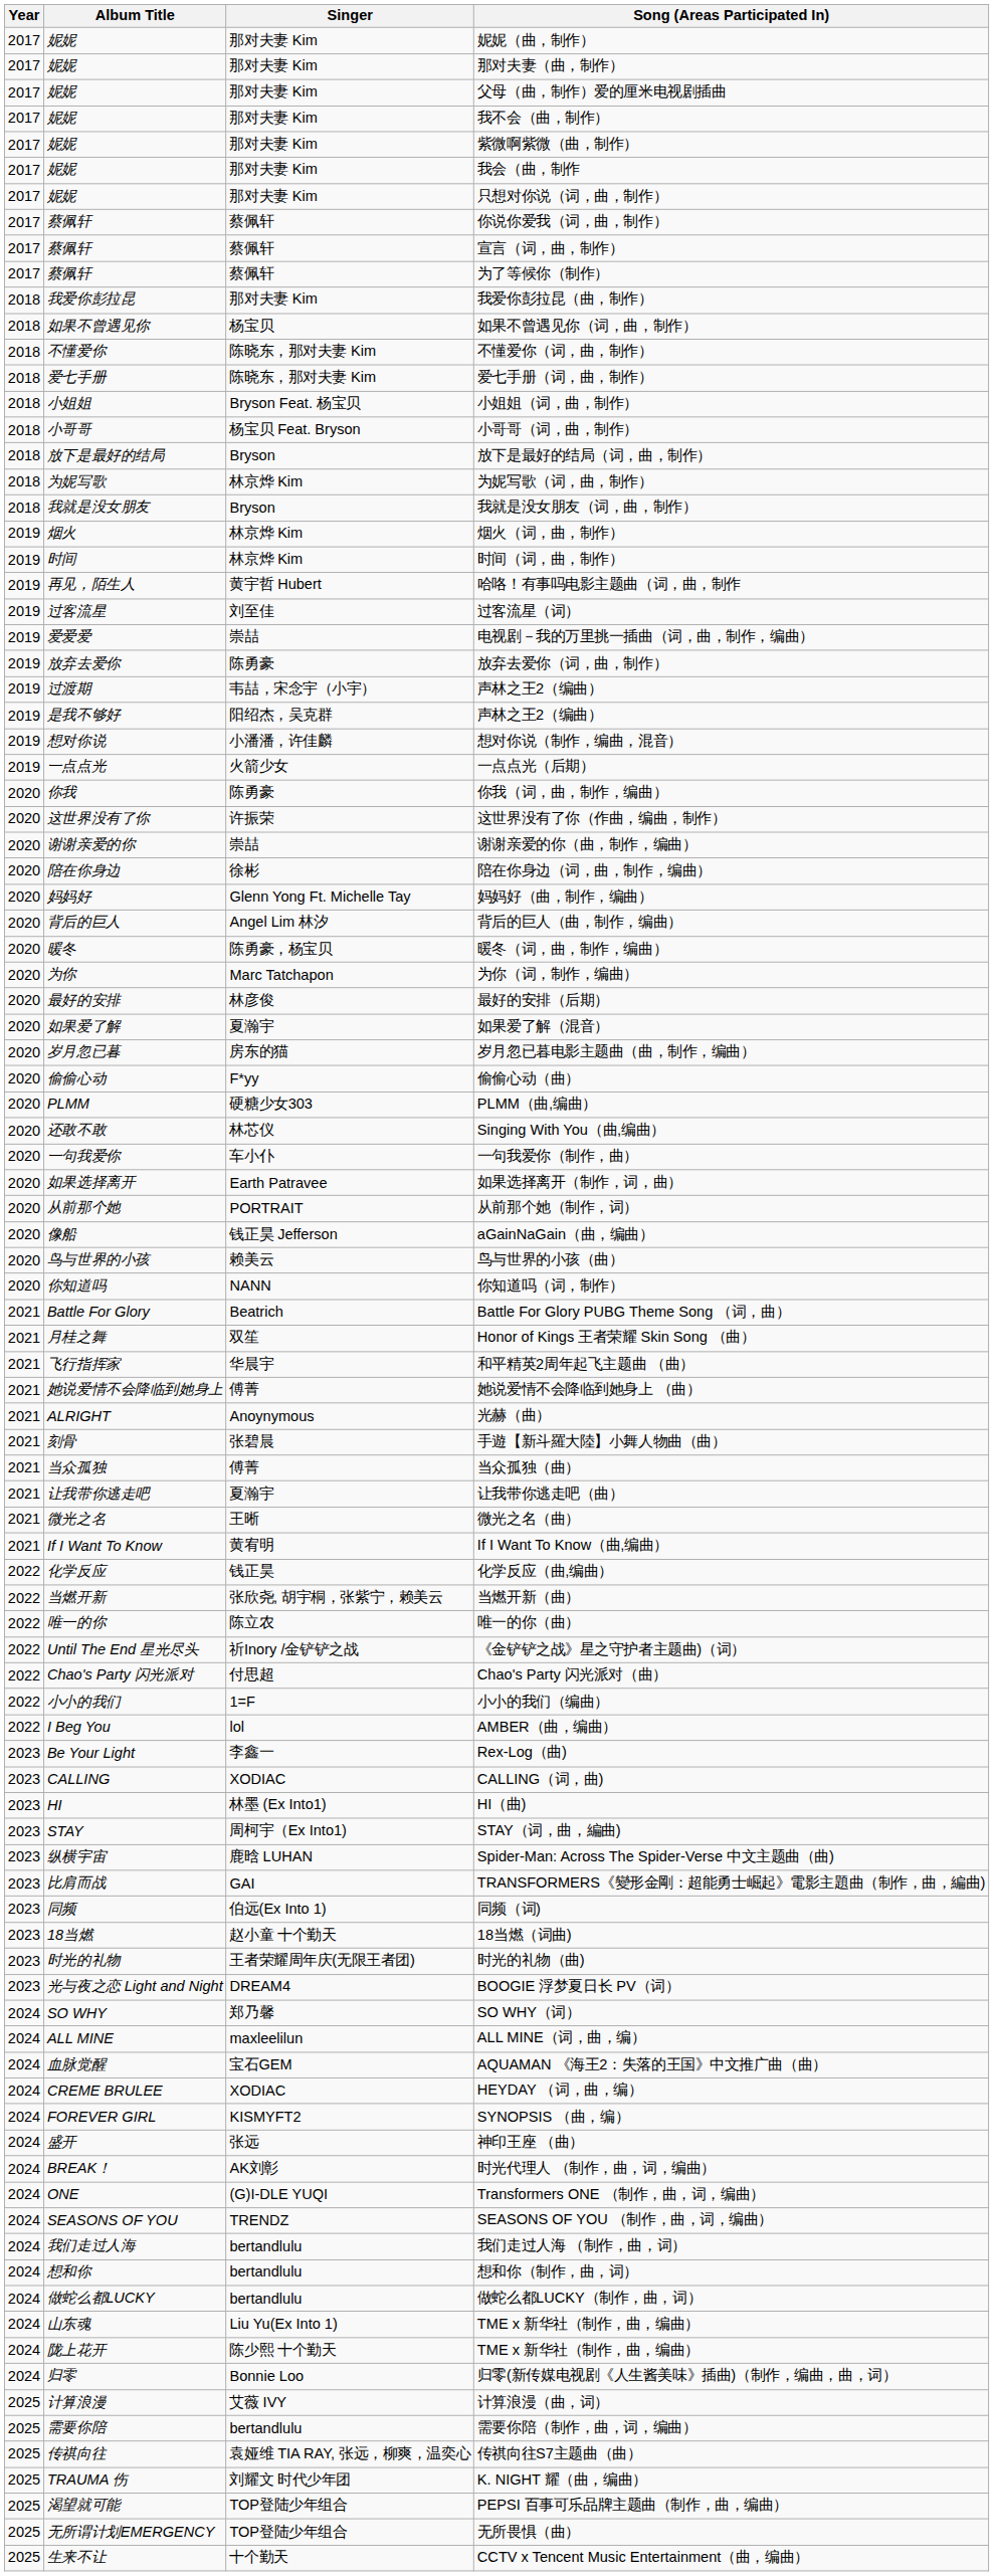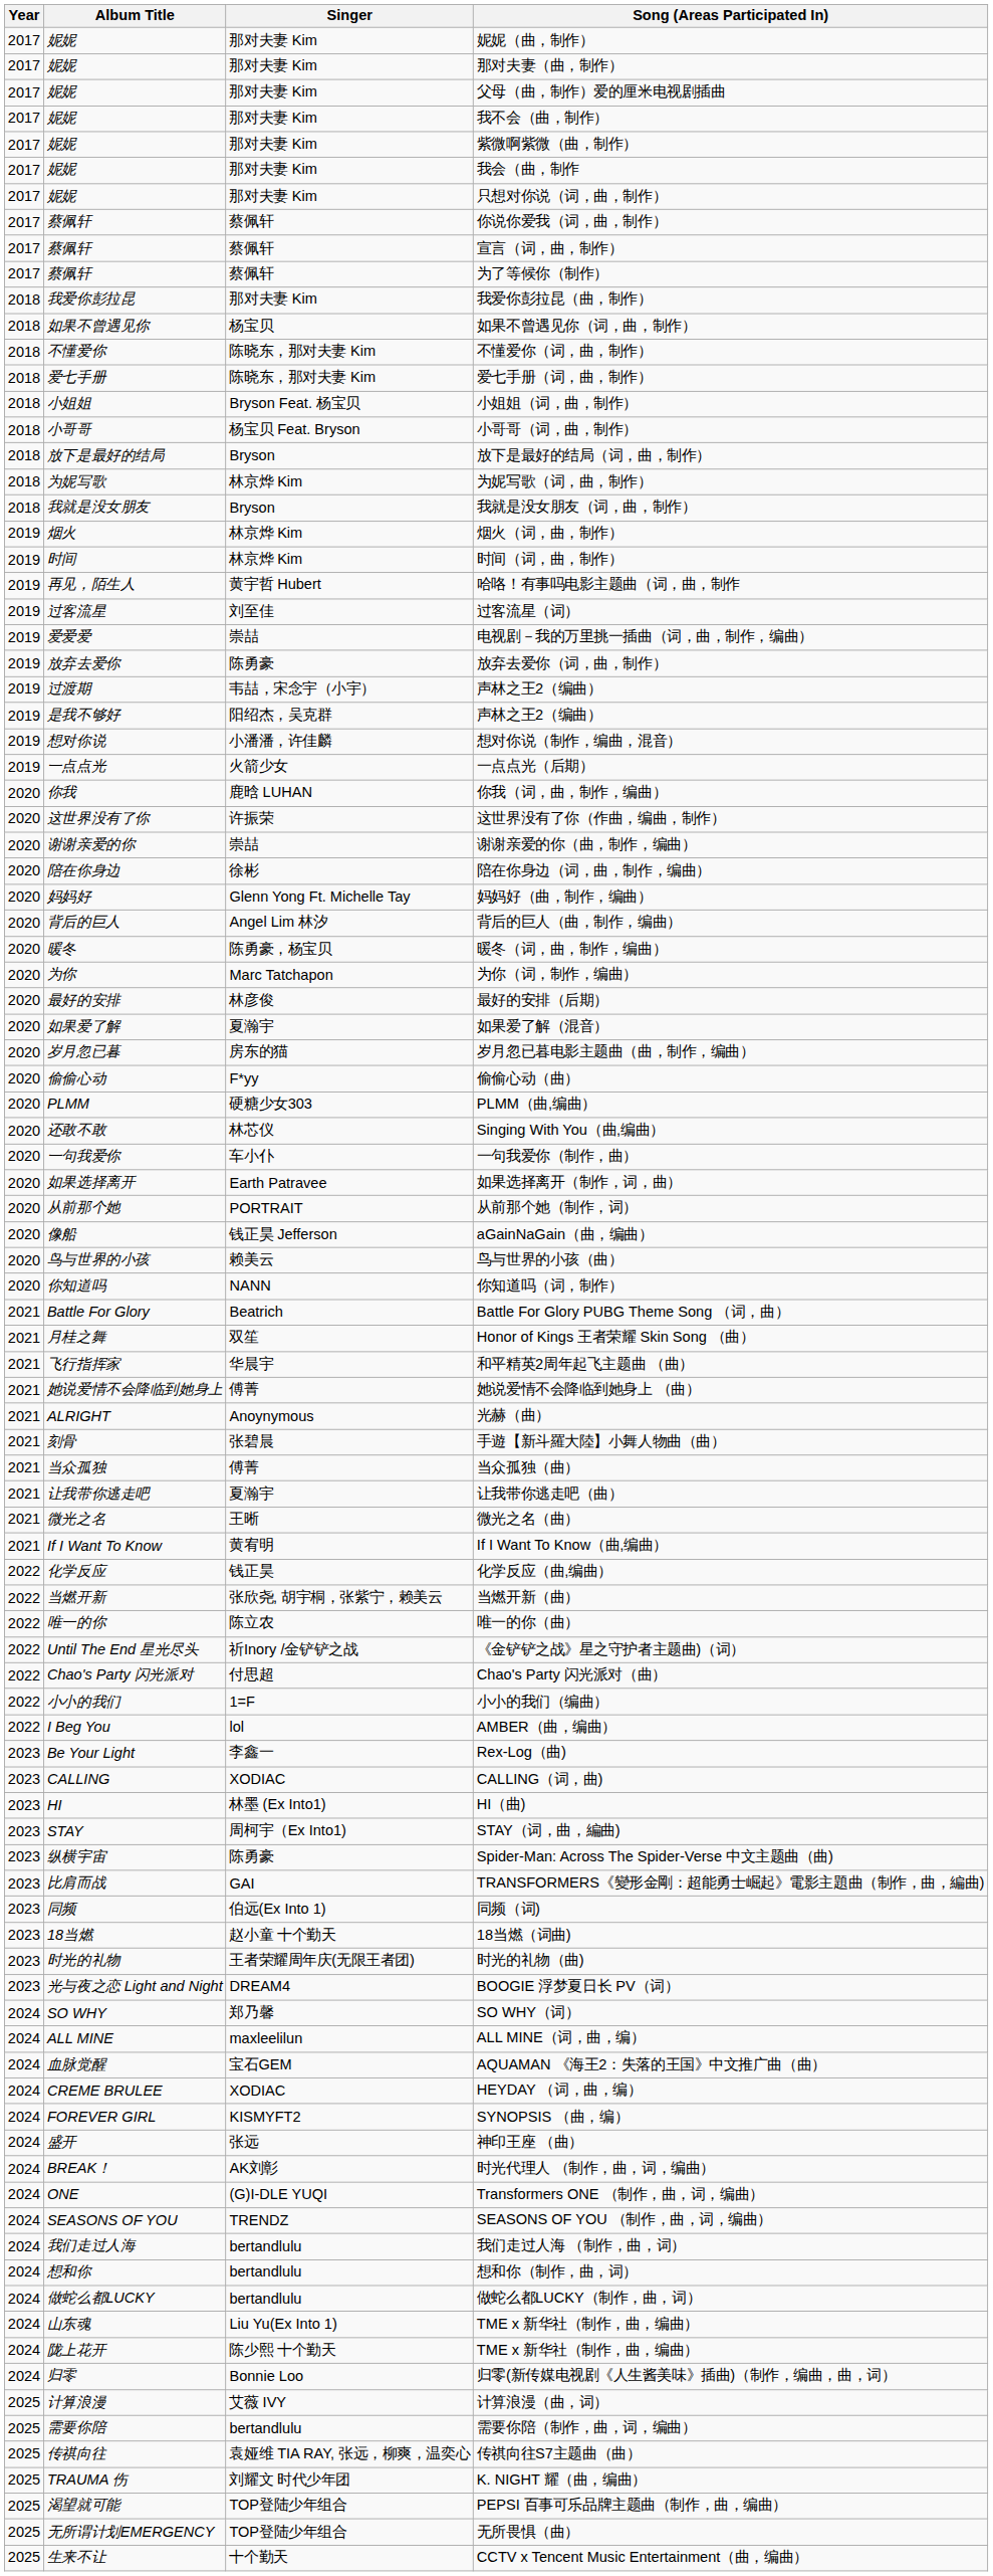 <table class="wikitable">
 <tr>
 <th>Year</th>
 <th>Album Title</th>
 <th>Singer</th>
 <th>Song (Areas Participated In)</th>
 </tr>
 <tr>
 <td>2017</td>
 <td><em>妮妮</em></td>
 <td>那对夫妻 Kim</td>
 <td>妮妮（曲，制作）</td>
 </tr>
 <tr>
 <td>2017</td>
 <td><em>妮妮</em></td>
 <td>那对夫妻 Kim</td>
 <td>那对夫妻（曲，制作）</td>
 </tr>
 <tr>
 <td>2017</td>
 <td><em>妮妮</em></td>
 <td>那对夫妻 Kim</td>
 <td>父母（曲，制作）爱的厘米电视剧插曲</td>
 </tr>
 <tr>
 <td>2017</td>
 <td><em>妮妮</em></td>
 <td>那对夫妻 Kim</td>
 <td>我不会（曲，制作）</td>
 </tr>
 <tr>
 <td>2017</td>
 <td><em>妮妮</em></td>
 <td>那对夫妻 Kim</td>
 <td>紫微啊紫微（曲，制作）</td>
 </tr>
 <tr>
 <td>2017</td>
 <td><em>妮妮</em></td>
 <td>那对夫妻 Kim</td>
 <td>我会（曲，制作</td>
 </tr>
 <tr>
 <td>2017</td>
 <td><em>妮妮</em></td>
 <td>那对夫妻 Kim</td>
 <td>只想对你说（词，曲，制作）</td>
 </tr>
 <tr>
 <td>2017</td>
 <td><em>蔡佩轩</em></td>
 <td>蔡佩轩</td>
 <td>你说你爱我（词，曲，制作）</td>
 </tr>
 <tr>
 <td>2017</td>
 <td><em>蔡佩轩</em></td>
 <td>蔡佩轩</td>
 <td>宣言（词，曲，制作）</td>
 </tr>
 <tr>
 <td>2017</td>
 <td><em>蔡佩轩</em></td>
 <td>蔡佩轩</td>
 <td>为了等候你（制作）</td>
 </tr>
 <tr>
 <td>2018</td>
 <td><em>我爱你彭拉昆</em></td>
 <td>那对夫妻 Kim</td>
 <td>我爱你彭拉昆（曲，制作）</td>
 </tr>
 <tr>
 <td>2018</td>
 <td><em>如果不曾遇见你</em></td>
 <td>杨宝贝</td>
 <td>如果不曾遇见你（词，曲，制作）</td>
 </tr>
 <tr>
 <td>2018</td>
 <td><em>不懂爱你</em></td>
 <td>陈晓东，那对夫妻 Kim</td>
 <td>不懂爱你（词，曲，制作）</td>
 </tr>
 <tr>
 <td>2018</td>
 <td><em>爱七手册</em></td>
 <td>陈晓东，那对夫妻 Kim</td>
 <td>爱七手册（词，曲，制作）</td>
 </tr>
 <tr>
 <td>2018</td>
 <td><em>小姐姐</em></td>
 <td>Bryson Feat. 杨宝贝</td>
 <td>小姐姐（词，曲，制作）</td>
 </tr>
 <tr>
 <td>2018</td>
 <td><em>小哥哥</em></td>
 <td>杨宝贝 Feat. Bryson</td>
 <td>小哥哥（词，曲，制作）</td>
 </tr>
 <tr>
 <td>2018</td>
 <td><em>放下是最好的结局</em></td>
 <td>Bryson</td>
 <td>放下是最好的结局（词，曲，制作）</td>
 </tr>
 <tr>
 <td>2018</td>
 <td><em>为妮写歌</em></td>
 <td>林京烨 Kim</td>
 <td>为妮写歌（词，曲，制作）</td>
 </tr>
 <tr>
 <td>2018</td>
 <td><em>我就是没女朋友</em></td>
 <td>Bryson</td>
 <td>我就是没女朋友（词，曲，制作）</td>
 </tr>
 <tr>
 <td>2019</td>
 <td><em>烟火</em></td>
 <td>林京烨 Kim</td>
 <td>烟火（词，曲，制作）</td>
 </tr>
 <tr>
 <td>2019</td>
 <td><em>时间</em></td>
 <td>林京烨 Kim</td>
 <td>时间（词，曲，制作）</td>
 </tr>
 <tr>
 <td>2019</td>
 <td><em>再见，陌生人</em></td>
 <td>黄宇哲 Hubert</td>
 <td>哈咯！有事吗电影主题曲（词，曲，制作</td>
 </tr>
 <tr>
 <td>2019</td>
 <td><em>过客流星</em></td>
 <td>刘至佳</td>
 <td>过客流星（词）</td>
 </tr>
 <tr>
 <td>2019</td>
 <td><em>爱爱爱</em></td>
 <td>崇喆</td>
 <td>电视剧－我的万里挑一插曲（词，曲，制作，编曲）</td>
 </tr>
 <tr>
 <td>2019</td>
 <td><em>放弃去爱你</em></td>
 <td>陈勇豪</td>
 <td>放弃去爱你（词，曲，制作）</td>
 </tr>
 <tr>
 <td>2019</td>
 <td><em>过渡期</em></td>
 <td>韦喆，宋念宇（小宇）</td>
 <td>声林之王2（编曲）</td>
 </tr>
 <tr>
 <td>2019</td>
 <td><em>是我不够好</em></td>
 <td>阳绍杰，吴克群</td>
 <td>声林之王2（编曲）</td>
 </tr>
 <tr>
 <td>2019</td>
 <td><em>想对你说</em></td>
 <td>小潘潘，许佳麟</td>
 <td>想对你说（制作，编曲，混音）</td>
 </tr>
 <tr>
 <td>2019</td>
 <td><em>一点点光</em></td>
 <td>火箭少女</td>
 <td>一点点光（后期）</td>
 </tr>
 <tr>
 <td>2020</td>
 <td><em>你我</em></td>
-<td>陈勇豪</td>
+<td>鹿晗 LUHAN</td>
 <td>你我（词，曲，制作，编曲）</td>
 </tr>
 <tr>
 <td>2020</td>
 <td><em>这世界没有了你</em></td>
 <td>许振荣</td>
 <td>这世界没有了你（作曲，编曲，制作）</td>
 </tr>
 <tr>
 <td>2020</td>
 <td><em>谢谢亲爱的你</em></td>
 <td>崇喆</td>
 <td>谢谢亲爱的你（曲，制作，编曲）</td>
 </tr>
 <tr>
 <td>2020</td>
 <td><em>陪在你身边</em></td>
 <td>徐彬</td>
 <td>陪在你身边（词，曲，制作，编曲）</td>
 </tr>
 <tr>
 <td>2020</td>
 <td><em>妈妈好</em></td>
 <td>Glenn Yong Ft. Michelle Tay</td>
 <td>妈妈好（曲，制作，编曲）</td>
 </tr>
 <tr>
 <td>2020</td>
 <td><em>背后的巨人</em></td>
 <td>Angel Lim 林汐</td>
 <td>背后的巨人（曲，制作，编曲）</td>
 </tr>
 <tr>
 <td>2020</td>
 <td><em>暖冬</em></td>
 <td>陈勇豪，杨宝贝</td>
 <td>暖冬（词，曲，制作，编曲）</td>
 </tr>
 <tr>
 <td>2020</td>
 <td><em>为你</em></td>
 <td>Marc Tatchapon</td>
 <td>为你（词，制作，编曲）</td>
 </tr>
 <tr>
 <td>2020</td>
 <td><em>最好的安排</em></td>
 <td>林彦俊</td>
 <td>最好的安排（后期）</td>
 </tr>
 <tr>
 <td>2020</td>
 <td><em>如果爱了解</em></td>
 <td>夏瀚宇</td>
 <td>如果爱了解（混音）</td>
 </tr>
 <tr>
 <td>2020</td>
 <td><em>岁月忽已暮</em></td>
 <td>房东的猫</td>
 <td>岁月忽已暮电影主题曲（曲，制作，编曲）</td>
 </tr>
 <tr>
 <td>2020</td>
 <td><em>偷偷心动</em></td>
 <td>F*yy</td>
 <td>偷偷心动（曲）</td>
 </tr>
 <tr>
 <td>2020</td>
 <td><em>PLMM</em></td>
 <td>硬糖少女303</td>
 <td>PLMM（曲,编曲）</td>
 </tr>
 <tr>
 <td>2020</td>
 <td><em>还敢不敢</em></td>
 <td>林芯仪</td>
 <td>Singing With You（曲,编曲）</td>
 </tr>
 <tr>
 <td>2020</td>
 <td><em>一句我爱你</em></td>
 <td>车小仆</td>
 <td>一句我爱你（制作，曲）</td>
 </tr>
 <tr>
 <td>2020</td>
 <td><em>如果选择离开</em></td>
 <td>Earth Patravee</td>
 <td>如果选择离开（制作，词，曲）</td>
 </tr>
 <tr>
 <td>2020</td>
 <td><em>从前那个她</em></td>
 <td>PORTRAIT</td>
 <td>从前那个她（制作，词）</td>
 </tr>
 <tr>
 <td>2020</td>
 <td><em>像船</em></td>
 <td>钱正昊 Jefferson</td>
 <td>aGainNaGain（曲，编曲）</td>
 </tr>
 <tr>
 <td>2020</td>
 <td><em>鸟与世界的小孩</em></td>
 <td>赖美云</td>
 <td>鸟与世界的小孩（曲）</td>
 </tr>
 <tr>
 <td>2020</td>
 <td><em>你知道吗</em></td>
 <td>NANN</td>
 <td>你知道吗（词，制作）</td>
 </tr>
 <tr>
 <td>2021</td>
 <td><em>Battle For Glory</em></td>
 <td>Beatrich</td>
 <td>Battle For Glory PUBG Theme Song （词，曲）</td>
 </tr>
 <tr>
 <td>2021</td>
 <td><em>月桂之舞</em></td>
 <td>双笙</td>
 <td>Honor of Kings 王者荣耀 Skin Song （曲）</td>
 </tr>
 <tr>
 <td>2021</td>
 <td><em>飞行指挥家</em></td>
 <td>华晨宇</td>
 <td>和平精英2周年起飞主题曲 （曲）</td>
 </tr>
 <tr>
 <td>2021</td>
 <td><em>她说爱情不会降临到她身上</em></td>
 <td>傅菁</td>
 <td>她说爱情不会降临到她身上 （曲）</td>
 </tr>
 <tr>
 <td>2021</td>
 <td><em>ALRIGHT</em></td>
 <td>Anoynymous</td>
 <td>光赫（曲）</td>
 </tr>
 <tr>
 <td>2021</td>
 <td><em>刻骨</em></td>
 <td>张碧晨</td>
 <td>手遊【新斗羅大陸】小舞人物曲（曲）</td>
 </tr>
 <tr>
 <td>2021</td>
 <td><em>当众孤独</em></td>
 <td>傅菁</td>
 <td>当众孤独（曲）</td>
 </tr>
 <tr>
 <td>2021</td>
 <td><em>让我带你逃走吧</em></td>
 <td>夏瀚宇</td>
 <td>让我带你逃走吧（曲）</td>
 </tr>
 <tr>
 <td>2021</td>
 <td><em>微光之名</em></td>
 <td>王晰</td>
 <td>微光之名（曲）</td>
 </tr>
 <tr>
 <td>2021</td>
 <td><em>If I Want To Know</em></td>
 <td>黄宥明</td>
 <td>If I Want To Know（曲,编曲）</td>
 </tr>
 <tr>
 <td>2022</td>
 <td><em>化学反应</em></td>
 <td>钱正昊</td>
 <td>化学反应（曲,编曲）</td>
 </tr>
 <tr>
 <td>2022</td>
 <td><em>当燃开新</em></td>
 <td>张欣尧, 胡宇桐，张紫宁，赖美云</td>
 <td>当燃开新（曲）</td>
 </tr>
 <tr>
 <td>2022</td>
 <td><em>唯一的你</em></td>
 <td>陈立农</td>
 <td>唯一的你（曲）</td>
 </tr>
 <tr>
 <td>2022</td>
 <td><em>Until The End 星光尽头</em></td>
 <td>祈Inory /金铲铲之战</td>
 <td>《金铲铲之战》星之守护者主题曲)（词）</td>
 </tr>
 <tr>
 <td>2022</td>
 <td><em>Chao's Party 闪光派对</em></td>
 <td>付思超</td>
 <td>Chao's Party 闪光派对（曲）</td>
 </tr>
 <tr>
 <td>2022</td>
 <td><em>小小的我们</em></td>
 <td>1=F</td>
 <td>小小的我们（编曲）</td>
 </tr>
 <tr>
 <td>2022</td>
 <td><em>I Beg You</em></td>
 <td>lol</td>
 <td>AMBER（曲，编曲）</td>
 </tr>
 <tr>
 <td>2023</td>
 <td><em>Be Your Light</em></td>
 <td>李鑫一</td>
 <td>Rex-Log（曲)</td>
 </tr>
 <tr>
 <td>2023</td>
 <td><em>CALLING</em></td>
 <td>XODIAC</td>
 <td>CALLING（词，曲)</td>
 </tr>
 <tr>
 <td>2023</td>
 <td><em>HI</em></td>
 <td>林墨 (Ex Into1)</td>
 <td>HI（曲)</td>
 </tr>
 <tr>
 <td>2023</td>
 <td><em>STAY</em></td>
 <td>周柯宇（Ex Into1)</td>
 <td>STAY（词，曲，編曲)</td>
 </tr>
 <tr>
 <td>2023</td>
 <td><em>纵横宇宙</em></td>
-<td>鹿晗 LUHAN</td>
+<td>陈勇豪</td>
 <td>Spider-Man: Across The Spider-Verse 中文主题曲（曲)</td>
 </tr>
 <tr>
 <td>2023</td>
 <td><em>比肩而战</em></td>
 <td>GAI</td>
 <td>TRANSFORMERS《變形金剛：超能勇士崛起》電影主題曲（制作，曲，編曲)</td>
 </tr>
 <tr>
 <td>2023</td>
 <td><em>同频</em></td>
 <td>伯远(Ex Into 1)</td>
 <td>同频（词)</td>
 </tr>
 <tr>
 <td>2023</td>
 <td><em>18当燃</em></td>
 <td>赵小童 十个勤天</td>
 <td>18当燃（词曲)</td>
 </tr>
 <tr>
 <td>2023</td>
 <td><em>时光的礼物</em></td>
 <td>王者荣耀周年庆(无限王者团)</td>
 <td>时光的礼物（曲)</td>
 </tr>
 <tr>
 <td>2023</td>
 <td><em>光与夜之恋 Light and Night</em></td>
 <td>DREAM4</td>
 <td>BOOGIE 浮梦夏日长 PV（词）</td>
 </tr>
 <tr>
 <td>2024</td>
 <td><em>SO WHY</em></td>
 <td>郑乃馨</td>
 <td>SO WHY（词）</td>
 </tr>
 <tr>
 <td>2024</td>
 <td><em>ALL MINE</em></td>
 <td>maxleelilun</td>
 <td>ALL MINE（词，曲，编）</td>
 </tr>
 <tr>
 <td>2024</td>
 <td><em>血脉觉醒</em></td>
 <td>宝石GEM</td>
 <td>AQUAMAN 《海王2：失落的王国》中文推广曲（曲）</td>
 </tr>
 <tr>
 <td>2024</td>
 <td><em>CREME BRULEE</em></td>
 <td>XODIAC</td>
 <td>HEYDAY （词，曲，编）</td>
 </tr>
 <tr>
 <td>2024</td>
 <td><em>FOREVER GIRL</em></td>
 <td>KISMYFT2</td>
 <td>SYNOPSIS （曲，编）</td>
 </tr>
 <tr>
 <td>2024</td>
 <td><em>盛开</em></td>
 <td>张远</td>
 <td>神印王座 （曲）</td>
 </tr>
 <tr>
 <td>2024</td>
 <td><em>BREAK！</em></td>
 <td>AK刘彰</td>
 <td>时光代理人 （制作，曲，词，编曲）</td>
 </tr>
 <tr>
 <td>2024</td>
 <td><em>ONE</em></td>
 <td>(G)I-DLE YUQI</td>
 <td>Transformers ONE （制作，曲，词，编曲）</td>
 </tr>
 <tr>
 <td>2024</td>
 <td><em>SEASONS OF YOU</em></td>
 <td>TRENDZ</td>
 <td>SEASONS OF YOU （制作，曲，词，编曲）</td>
 </tr>
 <tr>
 <td>2024</td>
 <td><em>我们走过人海</em></td>
 <td>bertandlulu</td>
 <td>我们走过人海 （制作，曲，词）</td>
 </tr>
 <tr>
 <td>2024</td>
 <td><em>想和你</em></td>
 <td>bertandlulu</td>
 <td>想和你（制作，曲，词）</td>
 </tr>
 <tr>
 <td>2024</td>
 <td><em>做蛇么都LUCKY</em></td>
 <td>bertandlulu</td>
 <td>做蛇么都LUCKY（制作，曲，词）</td>
 </tr>
 <tr>
 <td>2024</td>
 <td><em>山东魂</em></td>
 <td>Liu Yu(Ex Into 1)</td>
 <td>TME x 新华社（制作，曲，编曲）</td>
 </tr>
 <tr>
 <td>2024</td>
 <td><em>陇上花开</em></td>
 <td>陈少熙 十个勤天</td>
 <td>TME x 新华社（制作，曲，编曲）</td>
 </tr>
 <tr>
 <td>2024</td>
 <td><em>归零</em></td>
 <td>Bonnie Loo</td>
 <td>归零(新传媒电视剧《人生酱美味》插曲)（制作，编曲，曲，词）</td>
 </tr>
 <tr>
 <td>2025</td>
 <td><em>计算浪漫</em></td>
 <td>艾薇 IVY</td>
 <td>计算浪漫（曲，词）</td>
 </tr>
 <tr>
 <td>2025</td>
 <td><em>需要你陪</em></td>
 <td>bertandlulu</td>
 <td>需要你陪（制作，曲，词，编曲）</td>
 </tr>
 <tr>
 <td>2025</td>
 <td><em>传祺向往</em></td>
 <td>袁娅维 TIA RAY, 张远，柳爽，温奕心</td>
 <td>传祺向往S7主题曲（曲）</td>
 </tr>
 <tr>
 <td>2025</td>
 <td><em>TRAUMA 伤</em></td>
 <td>刘耀文 时代少年团</td>
 <td>K. NIGHT 耀（曲，编曲）</td>
 </tr>
 <tr>
 <td>2025</td>
 <td><em>渴望就可能</em></td>
 <td>TOP登陆少年组合</td>
 <td>PEPSI 百事可乐品牌主题曲（制作，曲，编曲）</td>
 </tr>
 <tr>
 <td>2025</td>
 <td><em>无所谓计划EMERGENCY</em></td>
 <td>TOP登陆少年组合</td>
 <td>无所畏惧（曲）</td>
 </tr>
 <tr>
 <td>2025</td>
 <td><em>生来不让</em></td>
 <td>十个勤天</td>
 <td>CCTV x Tencent Music Entertainment（曲，编曲）</td>
 </tr>
 </table>
